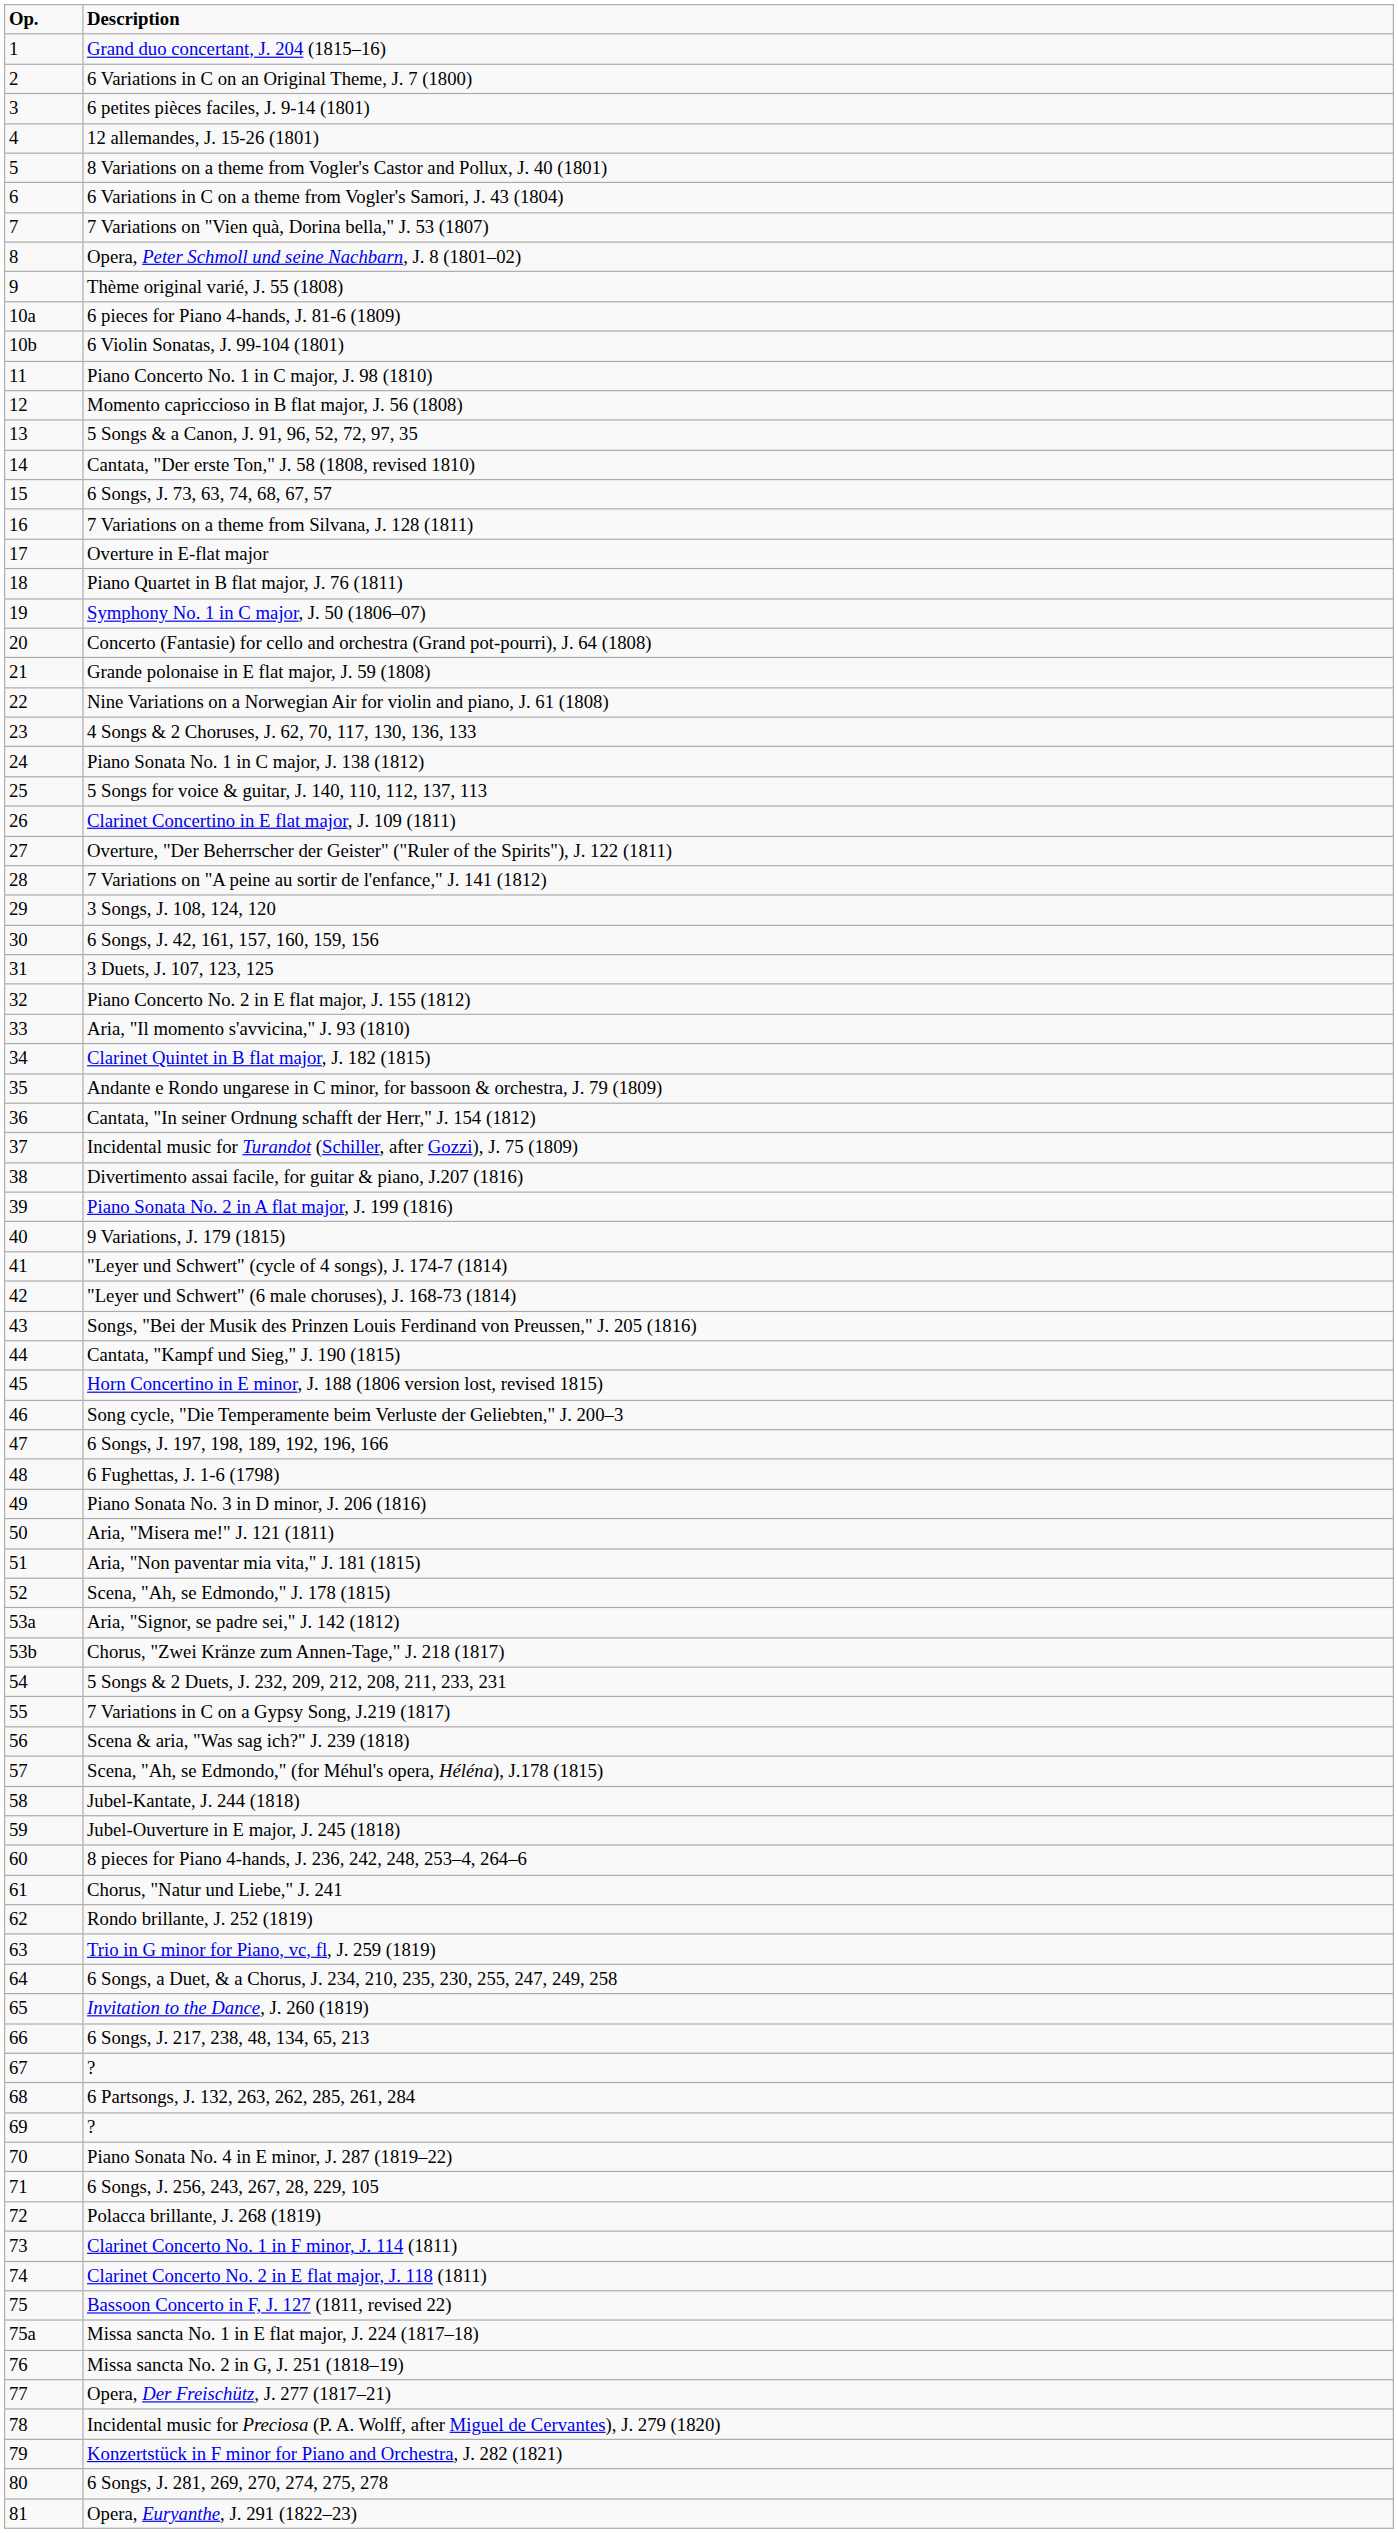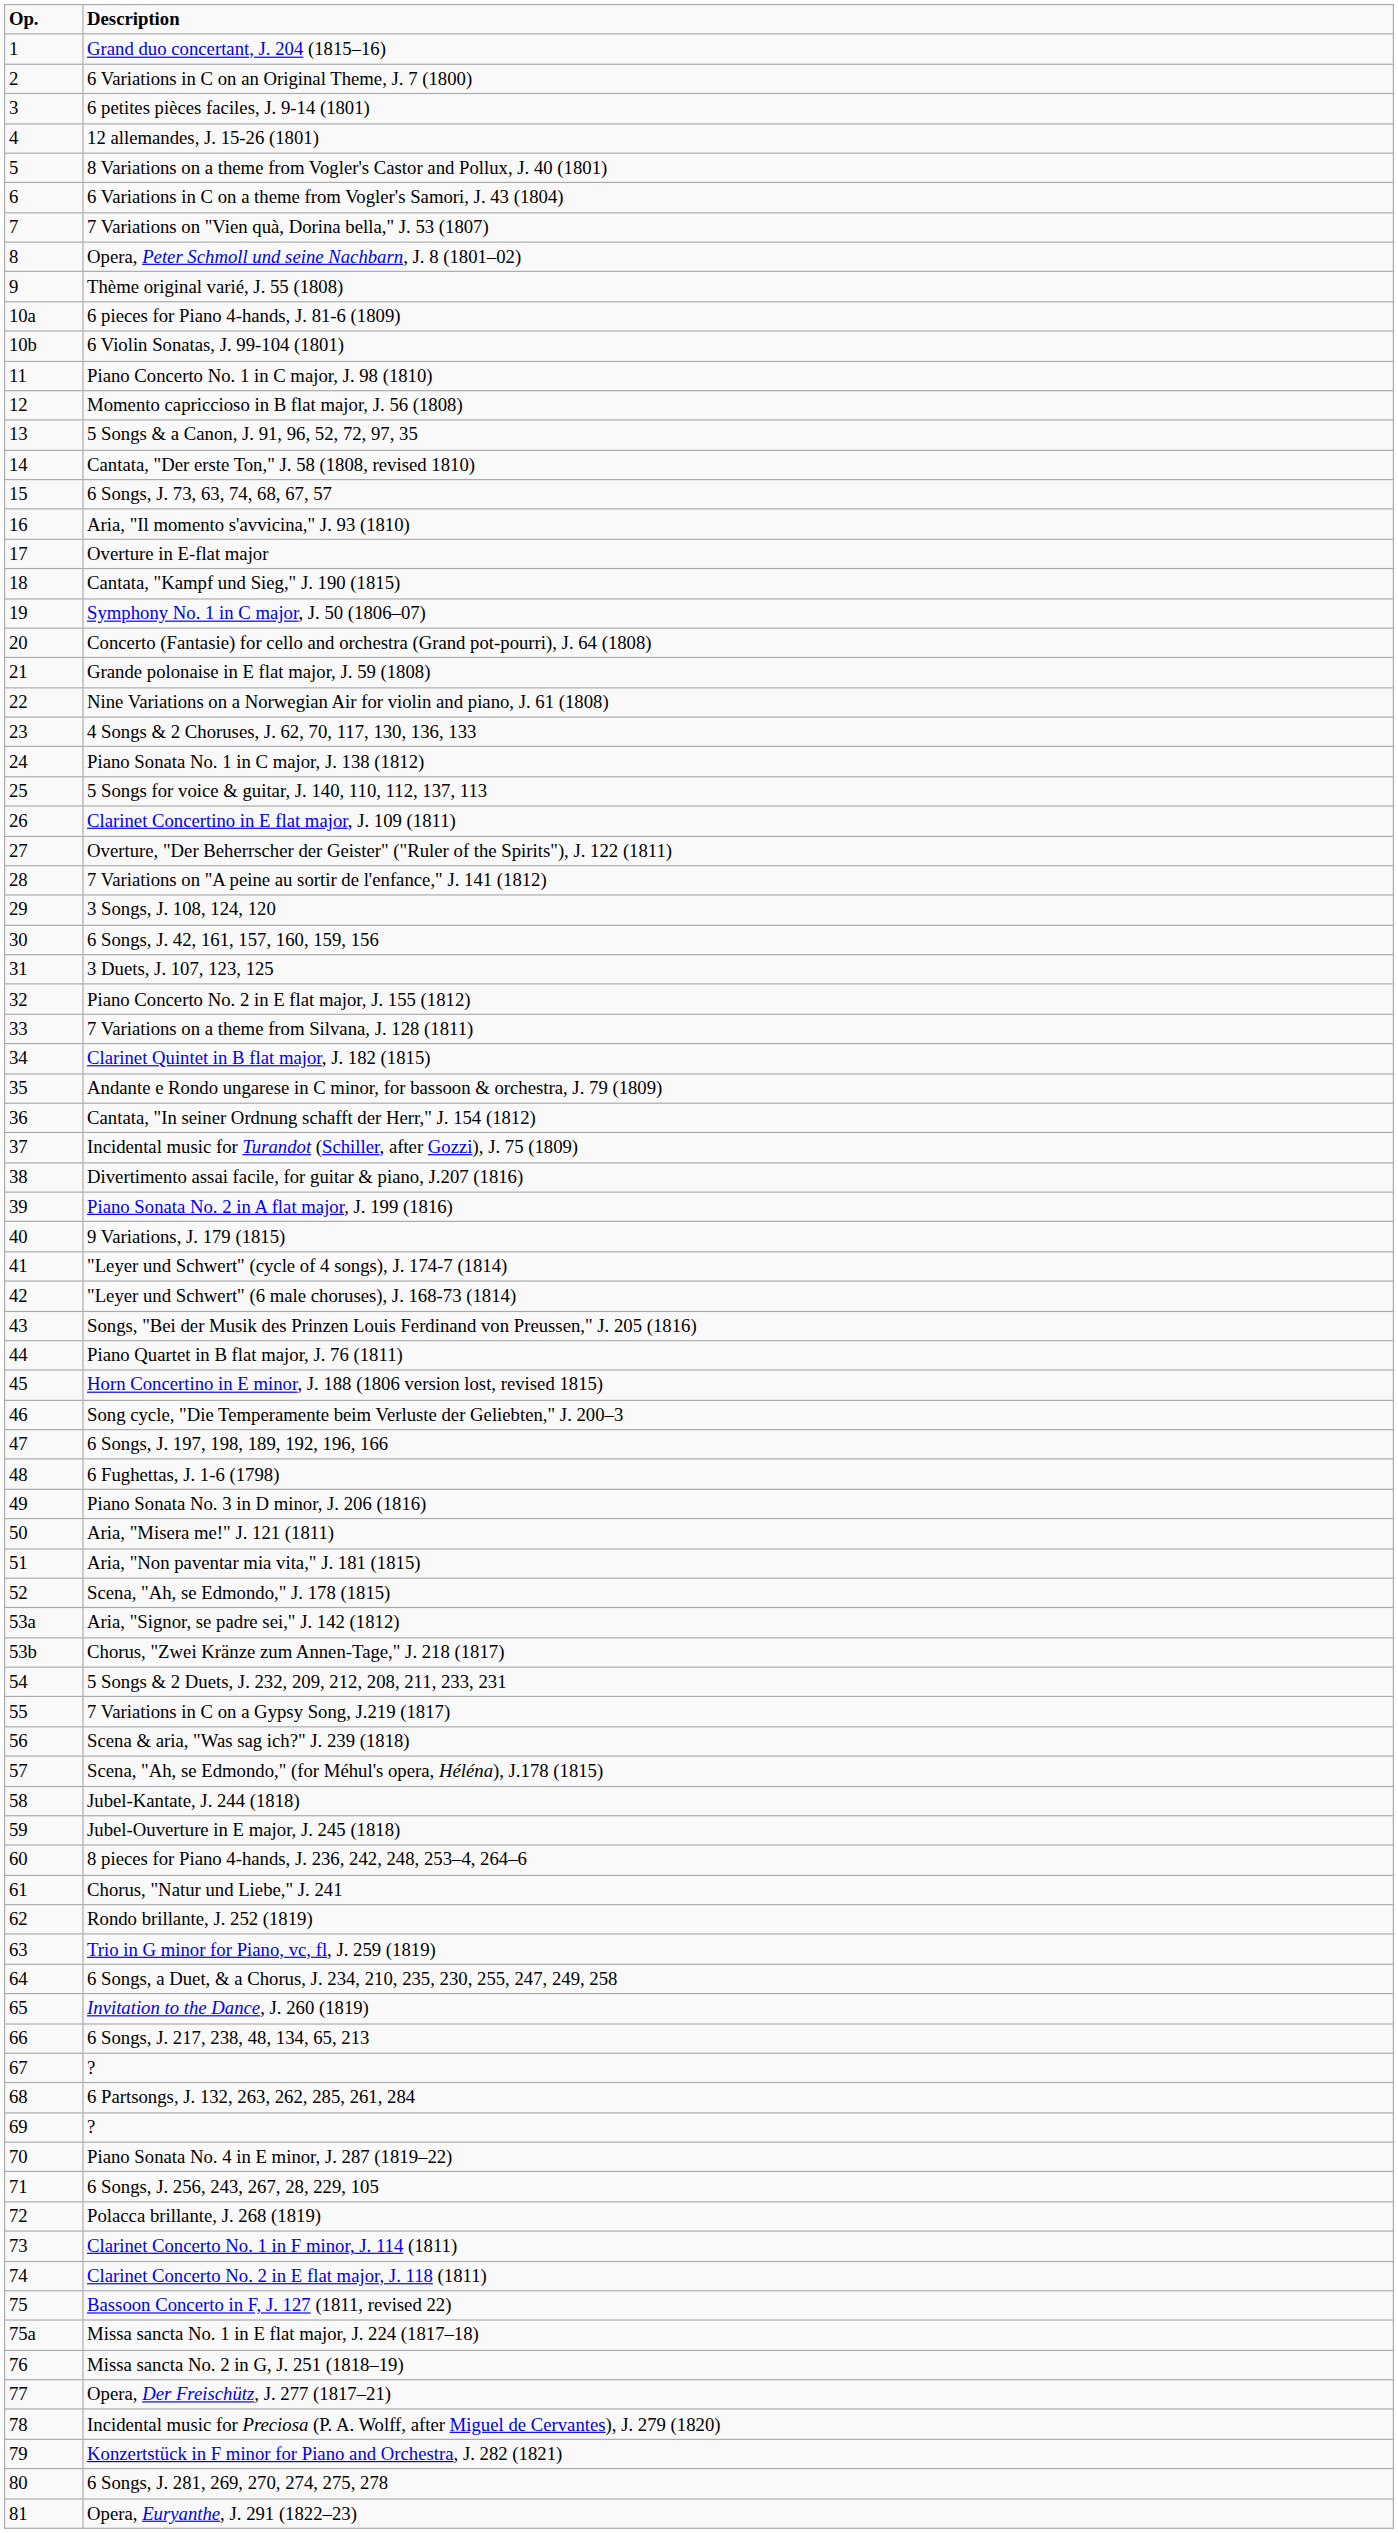 <table class="wikitable" style="width:75%">
 <tr>
 <td><strong>Op.</strong></td>
 <td><strong>Description</strong></td>
 </tr>
 <tr>
 <td>1</td>
 <td><a href='#'>Grand duo concertant, J. 204</a> (1815–16)</td>
 </tr>
 <tr>
 <td>2</td>
 <td>6 Variations in C on an Original Theme, J. 7 (1800)</td>
 </tr>
 <tr>
 <td>3</td>
 <td>6 petites pièces faciles, J. 9-14 (1801)</td>
 </tr>
 <tr>
 <td>4</td>
 <td>12 allemandes, J. 15-26 (1801)</td>
 </tr>
 <tr>
 <td>5</td>
 <td>8 Variations on a theme from Vogler's Castor and Pollux, J. 40 (1801)</td>
 </tr>
 <tr>
 <td>6</td>
 <td>6 Variations in C on a theme from Vogler's Samori, J. 43 (1804)</td>
 </tr>
 <tr>
 <td>7</td>
 <td>7 Variations on "Vien quà, Dorina bella," J. 53 (1807)</td>
 </tr>
 <tr>
 <td>8</td>
 <td>Opera, <em><a href='#'>Peter Schmoll und seine Nachbarn</a></em>, J. 8 (1801–02)</td>
 </tr>
 <tr>
 <td>9</td>
 <td>Thème original varié, J. 55 (1808)</td>
 </tr>
 <tr>
 <td>10a</td>
 <td>6 pieces for Piano 4-hands, J. 81-6 (1809)</td>
 </tr>
 <tr>
 <td>10b</td>
 <td>6 Violin Sonatas, J. 99-104 (1801)</td>
 </tr>
 <tr>
 <td>11</td>
 <td>Piano Concerto No. 1 in C major, J. 98 (1810)</td>
 </tr>
 <tr>
 <td>12</td>
 <td>Momento capriccioso in B flat major, J. 56 (1808)</td>
 </tr>
 <tr>
 <td>13</td>
 <td>5 Songs & a Canon, J. 91, 96, 52, 72, 97, 35</td>
 </tr>
 <tr>
 <td>14</td>
 <td>Cantata, "Der erste Ton," J. 58 (1808, revised 1810)</td>
 </tr>
 <tr>
 <td>15</td>
 <td>6 Songs, J. 73, 63, 74, 68, 67, 57</td>
 </tr>
 <tr>
 <td>16</td>
-<td>7 Variations on a theme from Silvana, J. 128 (1811)</td>
+<td>Aria, "Il momento s'avvicina," J. 93 (1810)</td>
 </tr>
 <tr>
 <td>17</td>
 <td>Overture in E-flat major</td>
 </tr>
 <tr>
 <td>18</td>
-<td>Piano Quartet in B flat major, J. 76 (1811)</td>
+<td>Cantata, "Kampf und Sieg," J. 190 (1815)</td>
 </tr>
 <tr>
 <td>19</td>
 <td><a href='#'>Symphony No. 1 in C major</a>, J. 50 (1806–07)</td>
 </tr>
 <tr>
 <td>20</td>
 <td>Concerto (Fantasie) for cello and orchestra (Grand pot-pourri), J. 64 (1808)</td>
 </tr>
 <tr>
 <td>21</td>
 <td>Grande polonaise in E flat major, J. 59 (1808)</td>
 </tr>
 <tr>
 <td>22</td>
 <td>Nine Variations on a Norwegian Air for violin and piano, J. 61 (1808)</td>
 </tr>
 <tr>
 <td>23</td>
 <td>4 Songs & 2 Choruses, J. 62, 70, 117, 130, 136, 133</td>
 </tr>
 <tr>
 <td>24</td>
 <td>Piano Sonata No. 1 in C major, J. 138 (1812)</td>
 </tr>
 <tr>
 <td>25</td>
 <td>5 Songs for voice & guitar, J. 140, 110, 112, 137, 113</td>
 </tr>
 <tr>
 <td>26</td>
 <td><a href='#'>Clarinet Concertino in E flat major</a>, J. 109 (1811)</td>
 </tr>
 <tr>
 <td>27</td>
 <td>Overture, "Der Beherrscher der Geister" ("Ruler of the Spirits"), J. 122 (1811)</td>
 </tr>
 <tr>
 <td>28</td>
 <td>7 Variations on "A peine au sortir de l'enfance," J. 141 (1812)</td>
 </tr>
 <tr>
 <td>29</td>
 <td>3 Songs, J. 108, 124, 120</td>
 </tr>
 <tr>
 <td>30</td>
 <td>6 Songs, J. 42, 161, 157, 160, 159, 156</td>
 </tr>
 <tr>
 <td>31</td>
 <td>3 Duets, J. 107, 123, 125</td>
 </tr>
 <tr>
 <td>32</td>
 <td>Piano Concerto No. 2 in E flat major, J. 155 (1812)</td>
 </tr>
 <tr>
 <td>33</td>
-<td>Aria, "Il momento s'avvicina," J. 93 (1810)</td>
+<td>7 Variations on a theme from Silvana, J. 128 (1811)</td>
 </tr>
 <tr>
 <td>34</td>
 <td><a href='#'>Clarinet Quintet in B flat major</a>, J. 182 (1815)</td>
 </tr>
 <tr>
 <td>35</td>
 <td>Andante e Rondo ungarese in C minor, for bassoon & orchestra, J. 79 (1809)</td>
 </tr>
 <tr>
 <td>36</td>
 <td>Cantata, "In seiner Ordnung schafft der Herr," J. 154 (1812)</td>
 </tr>
 <tr>
 <td>37</td>
 <td>Incidental music for <a href='#'><em>Turandot</em></a> (<a href='#'>Schiller</a>, after <a href='#'>Gozzi</a>), J. 75 (1809)</td>
 </tr>
 <tr>
 <td>38</td>
 <td>Divertimento assai facile, for guitar & piano, J.207 (1816)</td>
 </tr>
 <tr>
 <td>39</td>
 <td><a href='#'>Piano Sonata No. 2 in A flat major</a>, J. 199 (1816)</td>
 </tr>
 <tr>
 <td>40</td>
 <td>9 Variations, J. 179 (1815)</td>
 </tr>
 <tr>
 <td>41</td>
 <td>"Leyer und Schwert" (cycle of 4 songs), J. 174-7 (1814)</td>
 </tr>
 <tr>
 <td>42</td>
 <td>"Leyer und Schwert" (6 male choruses), J. 168-73 (1814)</td>
 </tr>
 <tr>
 <td>43</td>
 <td>Songs, "Bei der Musik des Prinzen Louis Ferdinand von Preussen," J. 205 (1816)</td>
 </tr>
 <tr>
 <td>44</td>
-<td>Cantata, "Kampf und Sieg," J. 190 (1815)</td>
+<td>Piano Quartet in B flat major, J. 76 (1811)</td>
 </tr>
 <tr>
 <td>45</td>
 <td><a href='#'>Horn Concertino in E minor</a>, J. 188 (1806 version lost, revised 1815)</td>
 </tr>
 <tr>
 <td>46</td>
 <td>Song cycle, "Die Temperamente beim Verluste der Geliebten," J. 200–3</td>
 </tr>
 <tr>
 <td>47</td>
 <td>6 Songs, J. 197, 198, 189, 192, 196, 166</td>
 </tr>
 <tr>
 <td>48</td>
 <td>6 Fughettas, J. 1-6 (1798)</td>
 </tr>
 <tr>
 <td>49</td>
 <td>Piano Sonata No. 3 in D minor, J. 206 (1816)</td>
 </tr>
 <tr>
 <td>50</td>
 <td>Aria, "Misera me!" J. 121 (1811)</td>
 </tr>
 <tr>
 <td>51</td>
 <td>Aria, "Non paventar mia vita," J. 181 (1815)</td>
 </tr>
 <tr>
 <td>52</td>
 <td>Scena, "Ah, se Edmondo," J. 178 (1815)</td>
 </tr>
 <tr>
 <td>53a</td>
 <td>Aria, "Signor, se padre sei," J. 142 (1812)</td>
 </tr>
 <tr>
 <td>53b</td>
 <td>Chorus, "Zwei Kränze zum Annen-Tage," J. 218 (1817)</td>
 </tr>
 <tr>
 <td>54</td>
 <td>5 Songs & 2 Duets, J. 232, 209, 212, 208, 211, 233, 231</td>
 </tr>
 <tr>
 <td>55</td>
 <td>7 Variations in C on a Gypsy Song, J.219 (1817)</td>
 </tr>
 <tr>
 <td>56</td>
 <td>Scena & aria, "Was sag ich?" J. 239 (1818)</td>
 </tr>
 <tr>
 <td>57</td>
 <td>Scena, "Ah, se Edmondo," (for Méhul's opera, <em>Héléna</em>), J.178 (1815)</td>
 </tr>
 <tr>
 <td>58</td>
 <td>Jubel-Kantate, J. 244 (1818)</td>
 </tr>
 <tr>
 <td>59</td>
 <td>Jubel-Ouverture in E major, J. 245 (1818)</td>
 </tr>
 <tr>
 <td>60</td>
 <td>8 pieces for Piano 4-hands, J. 236, 242, 248, 253–4, 264–6</td>
 </tr>
 <tr>
 <td>61</td>
 <td>Chorus, "Natur und Liebe," J. 241</td>
 </tr>
 <tr>
 <td>62</td>
 <td>Rondo brillante, J. 252 (1819)</td>
 </tr>
 <tr>
 <td>63</td>
 <td><a href='#'>Trio in G minor for Piano, vc, fl</a>, J. 259 (1819)</td>
 </tr>
 <tr>
 <td>64</td>
 <td>6 Songs, a Duet, & a Chorus, J. 234, 210, 235, 230, 255, 247, 249, 258</td>
 </tr>
 <tr>
 <td>65</td>
 <td><em><a href='#'>Invitation to the Dance</a></em>, J. 260 (1819)</td>
 </tr>
 <tr>
 <td>66</td>
 <td>6 Songs, J. 217, 238, 48, 134, 65, 213</td>
 </tr>
 <tr>
 <td>67</td>
 <td>?</td>
 </tr>
 <tr>
 <td>68</td>
 <td>6 Partsongs, J. 132, 263, 262, 285, 261, 284</td>
 </tr>
 <tr>
 <td>69</td>
 <td>?</td>
 </tr>
 <tr>
 <td>70</td>
 <td>Piano Sonata No. 4 in E minor, J. 287 (1819–22)</td>
 </tr>
 <tr>
 <td>71</td>
 <td>6 Songs, J. 256, 243, 267, 28, 229, 105</td>
 </tr>
 <tr>
 <td>72</td>
 <td>Polacca brillante, J. 268 (1819)</td>
 </tr>
 <tr>
 <td>73</td>
 <td><a href='#'>Clarinet Concerto No. 1 in F minor, J. 114</a> (1811)</td>
 </tr>
 <tr>
 <td>74</td>
 <td><a href='#'>Clarinet Concerto No. 2 in E flat major, J. 118</a> (1811)</td>
 </tr>
 <tr>
 <td>75</td>
 <td><a href='#'>Bassoon Concerto in F, J. 127</a> (1811, revised 22)</td>
 </tr>
 <tr>
 <td>75a</td>
 <td>Missa sancta No. 1 in E flat major, J. 224 (1817–18)</td>
 </tr>
 <tr>
 <td>76</td>
 <td>Missa sancta No. 2 in G, J. 251 (1818–19)</td>
 </tr>
 <tr>
 <td>77</td>
 <td>Opera, <em><a href='#'>Der Freischütz</a></em>, J. 277 (1817–21)</td>
 </tr>
 <tr>
 <td>78</td>
 <td>Incidental music for <em>Preciosa</em> (P. A. Wolff, after <a href='#'>Miguel de Cervantes</a>), J. 279 (1820)</td>
 </tr>
 <tr>
 <td>79</td>
 <td><a href='#'>Konzertstück in F minor for Piano and Orchestra</a>, J. 282 (1821)</td>
 </tr>
 <tr>
 <td>80</td>
 <td>6 Songs, J. 281, 269, 270, 274, 275, 278</td>
 </tr>
 <tr>
 <td>81</td>
 <td>Opera, <em><a href='#'>Euryanthe</a></em>, J. 291 (1822–23)</td>
 </tr>
 </table>
